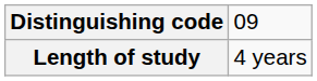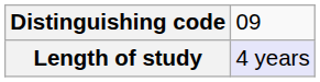 <table class="wikitable">
 <tr>
 <th>Distinguishing code</th>
 <td>09</td>
 </tr>
 <tr>
 <th>Length of study</th>
-<td>4 years</td>
+<td style="background: lavender;">4 years</td>
 </tr>
 </table>
